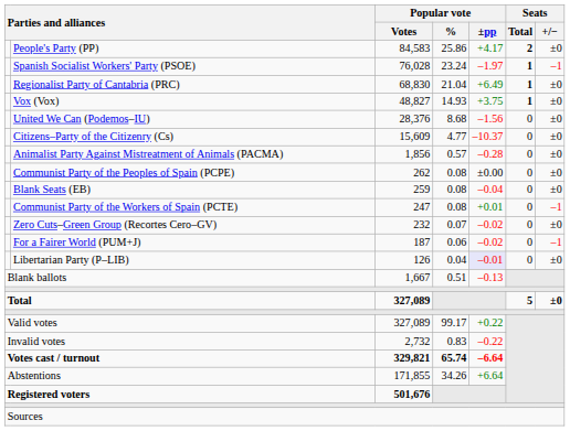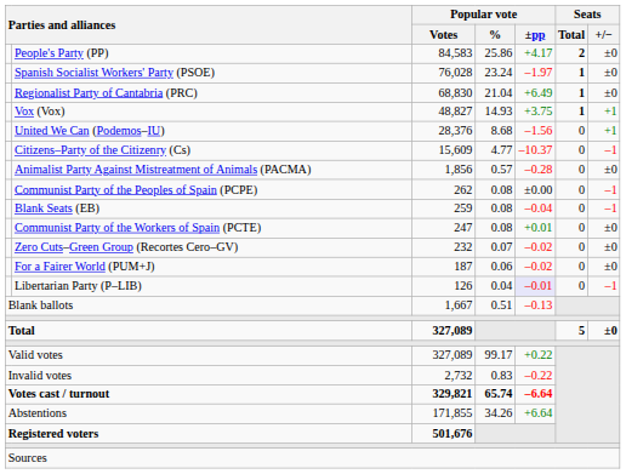 <table class="wikitable" style="text-align:right;">
 <tr>
 <th style="text-align:left;" rowspan="2" colspan="2" width="525">Parties and alliances</th>
 <th colspan="3">Popular vote</th>
 <th colspan="2">Seats</th>
 </tr>
 <tr>
 <th width="75">Votes</th>
 <th width="45">%</th>
 <th width="45">±<a href='#'>pp</a></th>
 <th width="35">Total</th>
 <th width="35">+/−</th>
 </tr>
 <tr>
 <td width="1" style="color:inherit;background:"></td>
 <td align="left"><a href='#'>People's Party</a> (PP)</td>
 <td>84,583</td>
 <td>25.86</td>
 <td style="color:green;">+4.17</td>
 <td><strong>2</strong></td>
 <td>±0</td>
 </tr>
 <tr>
 <td style="color:inherit;background:"></td>
 <td align="left"><a href='#'>Spanish Socialist Workers' Party</a> (PSOE)</td>
 <td>76,028</td>
 <td>23.24</td>
 <td style="color:red;">–1.97</td>
 <td><strong>1</strong></td>
-<td style="color:red;">–1</td>
+<td>±0</td>
 </tr>
 <tr>
 <td style="color:inherit;background:"></td>
 <td align="left"><a href='#'>Regionalist Party of Cantabria</a> (PRC)</td>
 <td>68,830</td>
 <td>21.04</td>
 <td style="color:green;">+6.49</td>
 <td><strong>1</strong></td>
 <td>±0</td>
 </tr>
 <tr>
 <td style="color:inherit;background:"></td>
 <td align="left"><a href='#'>Vox</a> (Vox)</td>
 <td>48,827</td>
 <td>14.93</td>
 <td style="color:green;">+3.75</td>
 <td><strong>1</strong></td>
-<td>±0</td>
+<td style="color:green;">+1</td>
 </tr>
 <tr>
 <td style="color:inherit;background:"></td>
 <td align="left"><a href='#'>United We Can</a> (<a href='#'>Podemos</a>–<a href='#'>IU</a>)</td>
 <td>28,376</td>
 <td>8.68</td>
 <td style="color:red;">–1.56</td>
 <td>0</td>
-<td>±0</td>
+<td style="color:green;">+1</td>
 </tr>
 <tr>
 <td style="color:inherit;background:"></td>
 <td align="left"><a href='#'>Citizens–Party of the Citizenry</a> (Cs)</td>
 <td>15,609</td>
 <td>4.77</td>
 <td style="color:red;">–10.37</td>
 <td>0</td>
-<td>±0</td>
+<td style="color:red;">–1</td>
 </tr>
 <tr>
 <td style="color:inherit;background:"></td>
 <td align="left"><a href='#'>Animalist Party Against Mistreatment of Animals</a> (PACMA)</td>
 <td>1,856</td>
 <td>0.57</td>
 <td style="color:red;">–0.28</td>
 <td>0</td>
 <td>±0</td>
 </tr>
 <tr>
 <td style="color:inherit;background:"></td>
 <td align="left"><a href='#'>Communist Party of the Peoples of Spain</a> (PCPE)</td>
 <td>262</td>
 <td>0.08</td>
 <td>±0.00</td>
 <td>0</td>
-<td>±0</td>
+<td style="color:red;">–1</td>
 </tr>
 <tr>
 <td style="color:inherit;background:"></td>
 <td align="left"><a href='#'>Blank Seats</a> (EB)</td>
 <td>259</td>
 <td>0.08</td>
 <td style="color:red;">–0.04</td>
 <td>0</td>
-<td>±0</td>
+<td style="color:red;">–1</td>
 </tr>
 <tr>
 <td style="color:inherit;background:"></td>
 <td align="left"><a href='#'>Communist Party of the Workers of Spain</a> (PCTE)</td>
 <td>247</td>
 <td>0.08</td>
 <td style="color:green;">+0.01</td>
 <td>0</td>
-<td style="color:red;">–1</td>
+<td>±0</td>
 </tr>
 <tr>
 <td style="color:inherit;background:"></td>
 <td align="left"><a href='#'>Zero Cuts</a>–<a href='#'>Green Group</a> (Recortes Cero–GV)</td>
 <td>232</td>
 <td>0.07</td>
 <td style="color:red;">–0.02</td>
 <td>0</td>
 <td>±0</td>
 </tr>
 <tr>
 <td style="color:inherit;background:"></td>
 <td align="left"><a href='#'>For a Fairer World</a> (PUM+J)</td>
 <td>187</td>
 <td>0.06</td>
 <td style="color:red;">–0.02</td>
 <td>0</td>
-<td style="color:red;">–1</td>
+<td>±0</td>
 </tr>
 <tr>
 <td style="color:inherit;background:"></td>
 <td align="left">Libertarian Party (P–LIB)</td>
 <td>126</td>
 <td>0.04</td>
 <td style="background: lavender; color:red;">–0.01</td>
 <td>0</td>
-<td>±0</td>
+<td style="color:red;">–1</td>
 </tr>
 <tr>
 <td align="left" colspan="2">Blank ballots</td>
 <td>1,667</td>
 <td>0.51</td>
 <td style="color:red;">–0.13</td>
 <td bgcolor="#E9E9E9" colspan="2"></td>
 </tr>
 <tr>
 <td colspan="7" bgcolor="#E9E9E9"></td>
 </tr>
 <tr style="font-weight:bold;">
 <td align="left" colspan="2">Total</td>
 <td>327,089</td>
 <td bgcolor="#E9E9E9" colspan="2"></td>
 <td>5</td>
 <td>±0</td>
 </tr>
 <tr>
 <td colspan="7" bgcolor="#E9E9E9"></td>
 </tr>
 <tr>
 <td align="left" colspan="2">Valid votes</td>
 <td>327,089</td>
 <td>99.17</td>
 <td style="color:green;">+0.22</td>
 <td bgcolor="#E9E9E9" colspan="2" rowspan="5"></td>
 </tr>
 <tr>
 <td align="left" colspan="2">Invalid votes</td>
 <td>2,732</td>
 <td>0.83</td>
 <td style="color:red;">–0.22</td>
 </tr>
 <tr style="font-weight:bold;">
 <td align="left" colspan="2">Votes cast / turnout</td>
 <td>329,821</td>
 <td>65.74</td>
 <td style="color:red;">–6.64</td>
 </tr>
 <tr>
 <td align="left" colspan="2">Abstentions</td>
 <td>171,855</td>
 <td>34.26</td>
 <td style="color:green;">+6.64</td>
 </tr>
 <tr style="font-weight:bold;">
 <td align="left" colspan="2">Registered voters</td>
 <td>501,676</td>
 <td bgcolor="#E9E9E9" colspan="2"></td>
 </tr>
 <tr>
 <td colspan="7" bgcolor="#E9E9E9"></td>
 </tr>
 <tr>
 <td align="left" colspan="7">Sources</td>
 </tr>
 </table>
